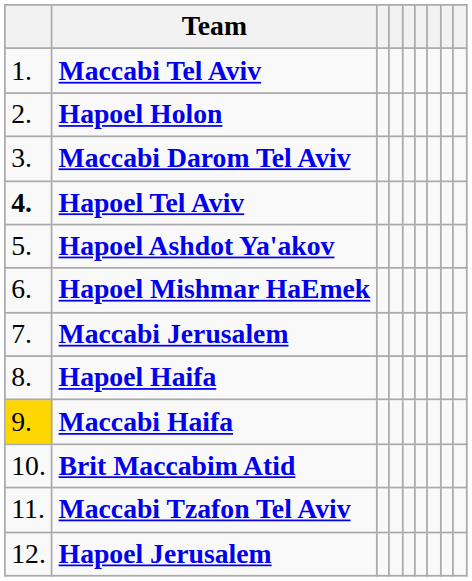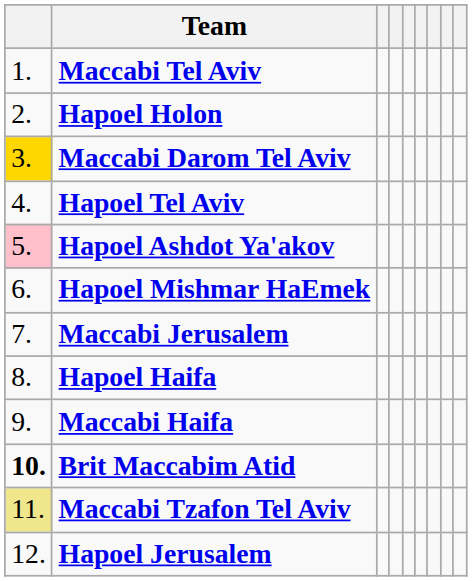 <table class="wikitable" style="border-collapse: collapse; margin:0 ;">
 <tr>
 <th></th>
 <th>Team</th>
 <th></th>
 <th></th>
 <th></th>
 <th></th>
 <th></th>
 <th></th>
 <th></th>
 </tr>
 <tr>
 <td>1.</td>
 <td><strong><a href='#'>Maccabi Tel Aviv</a></strong></td>
 <td></td>
 <td></td>
 <td></td>
 <td></td>
 <td></td>
 <td></td>
 <td></td>
 </tr>
 <tr>
 <td>2.</td>
 <td><strong><a href='#'>Hapoel Holon</a></strong></td>
 <td></td>
 <td></td>
 <td></td>
 <td></td>
 <td></td>
 <td></td>
 <td></td>
 </tr>
 <tr>
-<td>3.</td>
+<td style="background: gold;">3.</td>
 <td><strong><a href='#'>Maccabi Darom Tel Aviv</a></strong></td>
 <td></td>
 <td></td>
 <td></td>
 <td></td>
 <td></td>
 <td></td>
 <td></td>
 </tr>
 <tr>
-<td><strong>4.</strong></td>
+<td>4.</td>
 <td><strong><a href='#'>Hapoel Tel Aviv</a></strong></td>
 <td></td>
 <td></td>
 <td></td>
 <td></td>
 <td></td>
 <td></td>
 <td></td>
 </tr>
 <tr>
-<td>5.</td>
+<td style="background: pink;">5.</td>
 <td><strong><a href='#'>Hapoel Ashdot Ya'akov</a></strong></td>
 <td></td>
 <td></td>
 <td></td>
 <td></td>
 <td></td>
 <td></td>
 <td></td>
 </tr>
 <tr>
 <td>6.</td>
 <td><strong><a href='#'>Hapoel Mishmar HaEmek</a></strong></td>
 <td></td>
 <td></td>
 <td></td>
 <td></td>
 <td></td>
 <td></td>
 <td></td>
 </tr>
 <tr>
 <td>7.</td>
 <td><strong><a href='#'>Maccabi Jerusalem</a></strong></td>
 <td></td>
 <td></td>
 <td></td>
 <td></td>
 <td></td>
 <td></td>
 <td></td>
 </tr>
 <tr>
 <td>8.</td>
 <td><strong><a href='#'>Hapoel Haifa</a></strong></td>
 <td></td>
 <td></td>
 <td></td>
 <td></td>
 <td></td>
 <td></td>
 <td></td>
 </tr>
 <tr>
-<td style="background: gold;">9.</td>
+<td>9.</td>
 <td><strong><a href='#'>Maccabi Haifa</a></strong></td>
 <td></td>
 <td></td>
 <td></td>
 <td></td>
 <td></td>
 <td></td>
 <td></td>
 </tr>
 <tr>
-<td>10.</td>
+<td><strong>10.</strong></td>
 <td><strong><a href='#'>Brit Maccabim Atid</a></strong></td>
 <td></td>
 <td></td>
 <td></td>
 <td></td>
 <td></td>
 <td></td>
 <td></td>
 </tr>
 <tr>
-<td>11.</td>
+<td style="background: khaki;">11.</td>
 <td><strong><a href='#'>Maccabi Tzafon Tel Aviv</a></strong></td>
 <td></td>
 <td></td>
 <td></td>
 <td></td>
 <td></td>
 <td></td>
 <td></td>
 </tr>
 <tr>
 <td>12.</td>
 <td><strong><a href='#'>Hapoel Jerusalem</a></strong></td>
 <td></td>
 <td></td>
 <td></td>
 <td></td>
 <td></td>
 <td></td>
 <td></td>
 </tr>
 </table>
